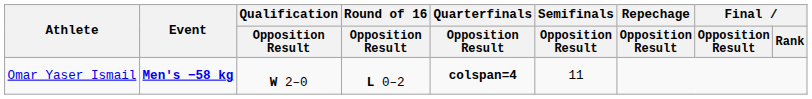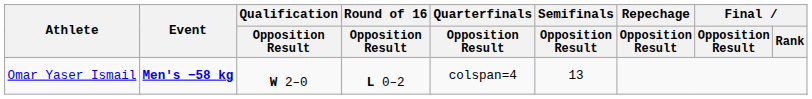 <table class=wikitable style=font-size:90%;text-align:center>
 <tr>
 <th rowspan=2>Athlete</th>
 <th rowspan=2>Event</th>
 <th>Qualification</th>
 <th>Round of 16</th>
 <th>Quarterfinals</th>
 <th>Semifinals</th>
 <th>Repechage</th>
 <th colspan=2>Final / </th>
 </tr>
 <tr style=font-size:95%>
 <th>Opposition<br>Result</th>
 <th>Opposition<br>Result</th>
 <th>Opposition<br>Result</th>
 <th>Opposition<br>Result</th>
 <th>Opposition<br>Result</th>
 <th>Opposition<br>Result</th>
 <th>Rank</th>
 </tr>
 <tr>
 <td align=left><a href='#'>Omar Yaser Ismail</a></td>
 <td align=left><strong><a href='#'>Men's −58 kg</a></strong></td>
 <td><br><strong>W</strong> 2–0</td>
 <td><br><strong>L</strong> 0–2</td>
-<td><strong>colspan=4</strong></td>
-<td>11</td>
+<td>colspan=4</td>
+<td>13</td>
 </tr>
 </table>
